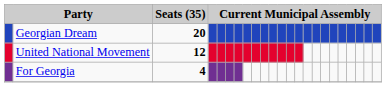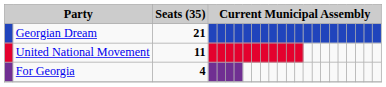 <table class="wikitable">
 <tr>
 <th style="background:#ccc" colspan="2">Party</th>
 <th style="background:#ccc">Seats (35)</th>
 <th style="background:#ccc" colspan="35">Current Municipal Assembly</th>
 </tr>
 <tr>
 <td style="background-color: #2044BC"> </td>
 <td><a href='#'>Georgian Dream</a></td>
-<td style="text-align: right"><strong>20</strong></td>
+<td style="text-align: right"><strong>21</strong></td>
 <td style="background-color: #2044BC"> </td>
 <td style="background-color: #2044BC"> </td>
 <td style="background-color: #2044BC"> </td>
 <td style="background-color: #2044BC"> </td>
 <td style="background-color: #2044BC"> </td>
 <td style="background-color: #2044BC"> </td>
 <td style="background-color: #2044BC"> </td>
 <td style="background-color: #2044BC"> </td>
 <td style="background-color: #2044BC"> </td>
 <td style="background-color: #2044BC"> </td>
 <td style="background-color: #2044BC"> </td>
 <td style="background-color: #2044BC"> </td>
 <td style="background-color: #2044BC"> </td>
 <td style="background-color: #2044BC"> </td>
 <td style="background-color: #2044BC"> </td>
 <td style="background-color: #2044BC"> </td>
 <td style="background-color: #2044BC"> </td>
 <td style="background-color: #2044BC"> </td>
 <td style="background-color: #2044BC"> </td>
 <td style="background-color: #2044BC"> </td>
 </tr>
 <tr>
 <td style="background-color: #e4012e"> </td>
 <td><a href='#'>United National Movement</a></td>
-<td style="text-align: right"><strong>12</strong></td>
+<td style="text-align: right"><strong>11</strong></td>
 <td style="background-color: #e4012e"> </td>
 <td style="background-color: #e4012e"> </td>
 <td style="background-color: #e4012e"> </td>
 <td style="background-color: #e4012e"> </td>
 <td style="background-color: #e4012e"> </td>
 <td style="background-color: #e4012e"> </td>
 <td style="background-color: #e4012e"> </td>
 <td style="background-color: #e4012e"> </td>
 <td style="background-color: #e4012e"> </td>
 <td style="background-color: #e4012e"> </td>
 <td style="background-color: #e4012e"> </td>
 <td> </td>
 <td> </td>
 <td> </td>
 <td> </td>
 <td> </td>
 <td> </td>
 <td> </td>
 <td> </td>
 <td> </td>
 </tr>
 <tr>
 <td style="background-color: #702F92"> </td>
 <td><a href='#'>For Georgia</a></td>
 <td style="text-align: right"><strong>4</strong></td>
 <td style="background-color: #702F92"> </td>
 <td style="background-color: #702F92"> </td>
 <td style="background-color: #702F92"> </td>
 <td style="background-color: #702F92"> </td>
 <td> </td>
 <td> </td>
 <td> </td>
 <td> </td>
 <td> </td>
 <td> </td>
 <td> </td>
 <td> </td>
 <td> </td>
 <td> </td>
 <td> </td>
 <td> </td>
 <td> </td>
 <td> </td>
 <td> </td>
 <td> </td>
 </tr>
 <tr>
 </tr>
 </table>
